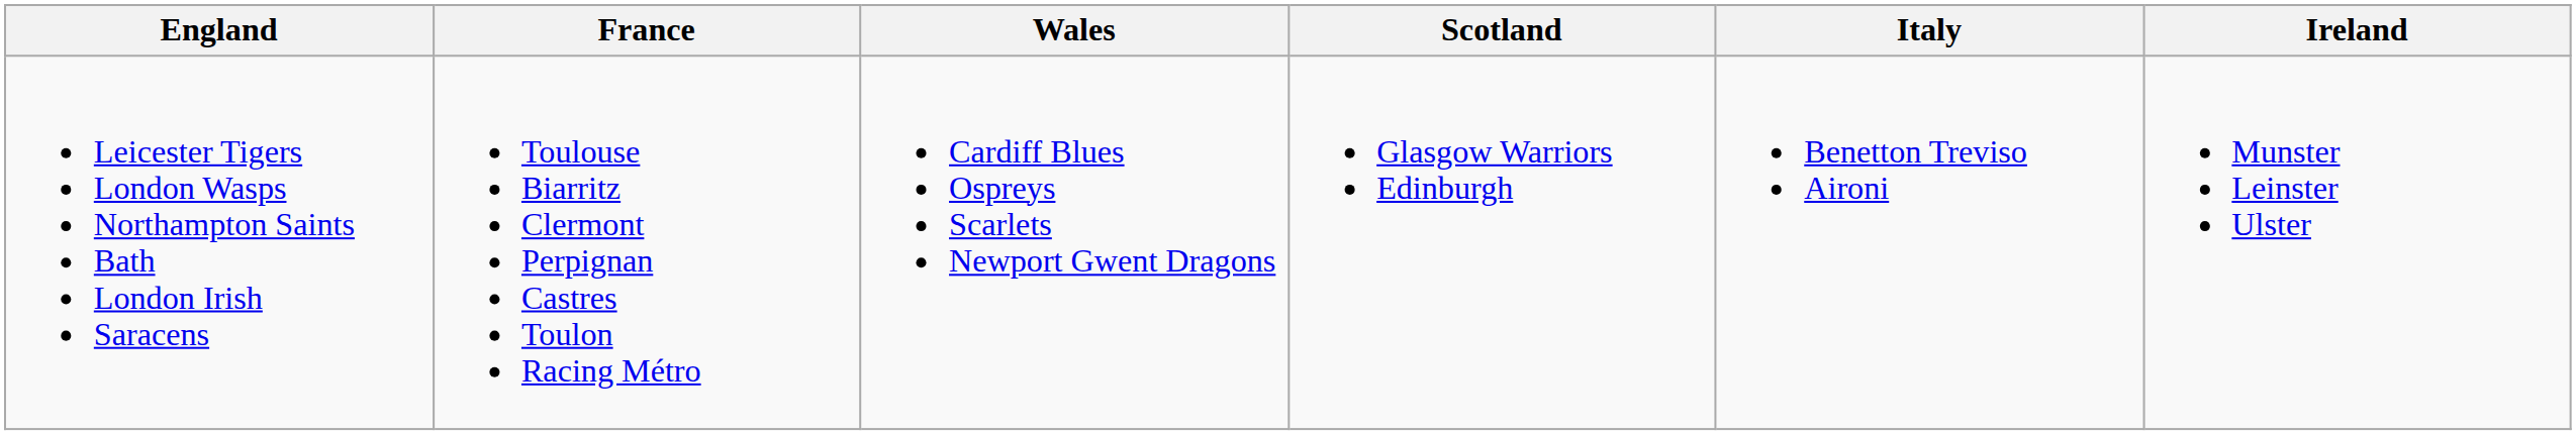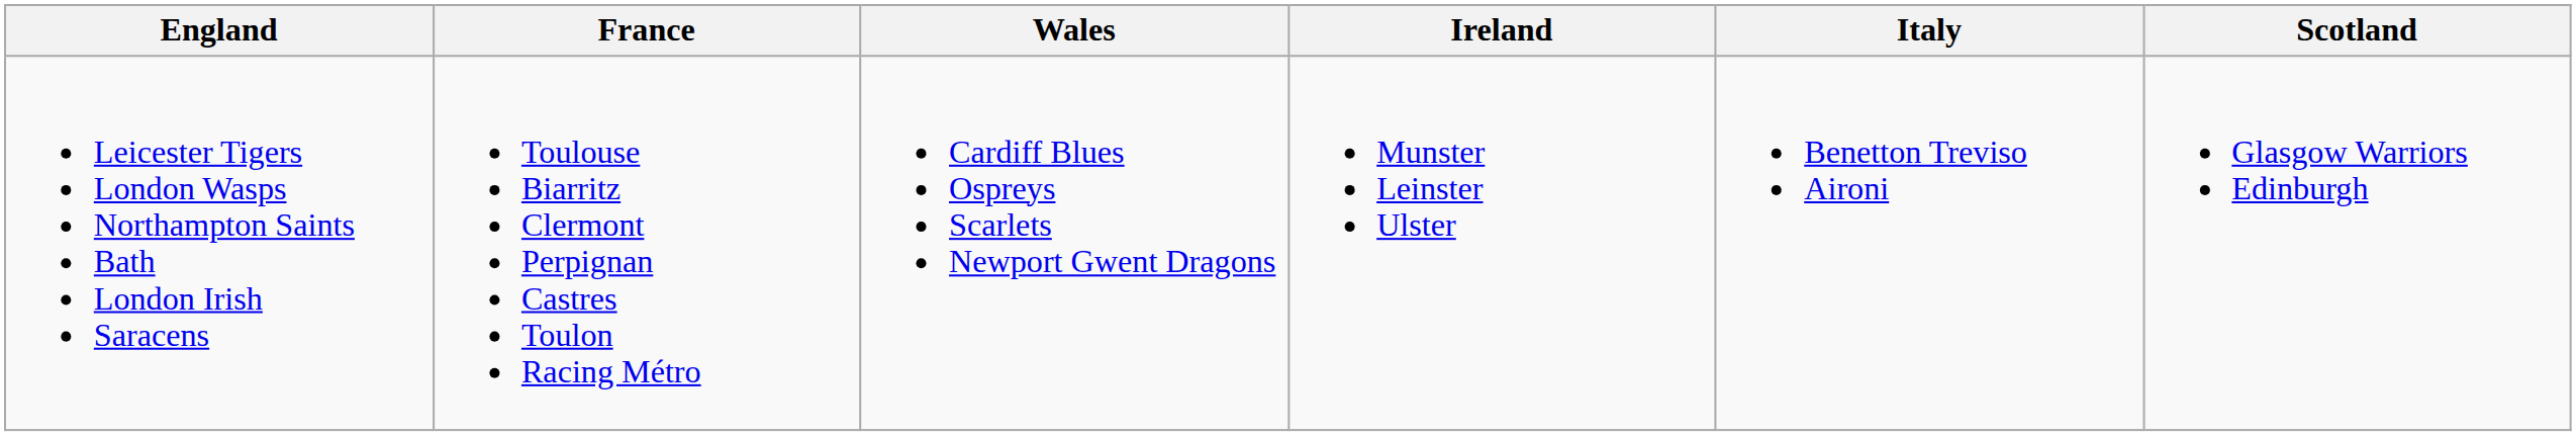 <table class="wikitable" width=100%>
 <tr>
 <th width=16%>England</th>
 <th width=16%>France</th>
 <th width=16%>Wales</th>
+<th width=16%>Ireland</th>
+<th width=16%>Italy</th>
 <th width=16%>Scotland</th>
-<th width=16%>Italy</th>
-<th width=16%>Ireland</th>
 </tr>
 <tr valign=top>
 <td><br><ul><li><a href='#'>Leicester Tigers</a></li><li><a href='#'>London Wasps</a></li><li><a href='#'>Northampton Saints</a></li><li><a href='#'>Bath</a></li><li><a href='#'>London Irish</a></li><li><a href='#'>Saracens</a></li></ul></td>
 <td><br><ul><li><a href='#'>Toulouse</a></li><li><a href='#'>Biarritz</a></li><li><a href='#'>Clermont</a></li><li><a href='#'>Perpignan</a></li><li><a href='#'>Castres</a></li><li><a href='#'>Toulon</a></li><li><a href='#'>Racing Métro</a></li></ul></td>
 <td><br><ul><li><a href='#'>Cardiff Blues</a></li><li><a href='#'>Ospreys</a></li><li><a href='#'>Scarlets</a></li><li><a href='#'>Newport Gwent Dragons</a></li></ul></td>
+<td><br><ul><li><a href='#'>Munster</a></li><li><a href='#'>Leinster</a></li><li><a href='#'>Ulster</a></li></ul></td>
+<td><br><ul><li><a href='#'>Benetton Treviso</a></li><li><a href='#'>Aironi</a></li></ul></td>
 <td><br><ul><li><a href='#'>Glasgow Warriors</a></li><li><a href='#'>Edinburgh</a></li></ul></td>
-<td><br><ul><li><a href='#'>Benetton Treviso</a></li><li><a href='#'>Aironi</a></li></ul></td>
-<td><br><ul><li><a href='#'>Munster</a></li><li><a href='#'>Leinster</a></li><li><a href='#'>Ulster</a></li></ul></td>
 </tr>
 </table>
